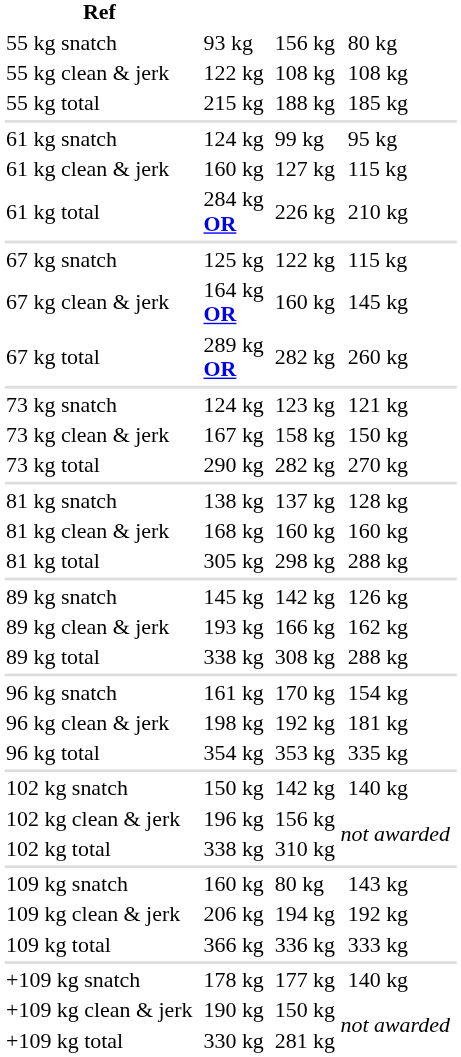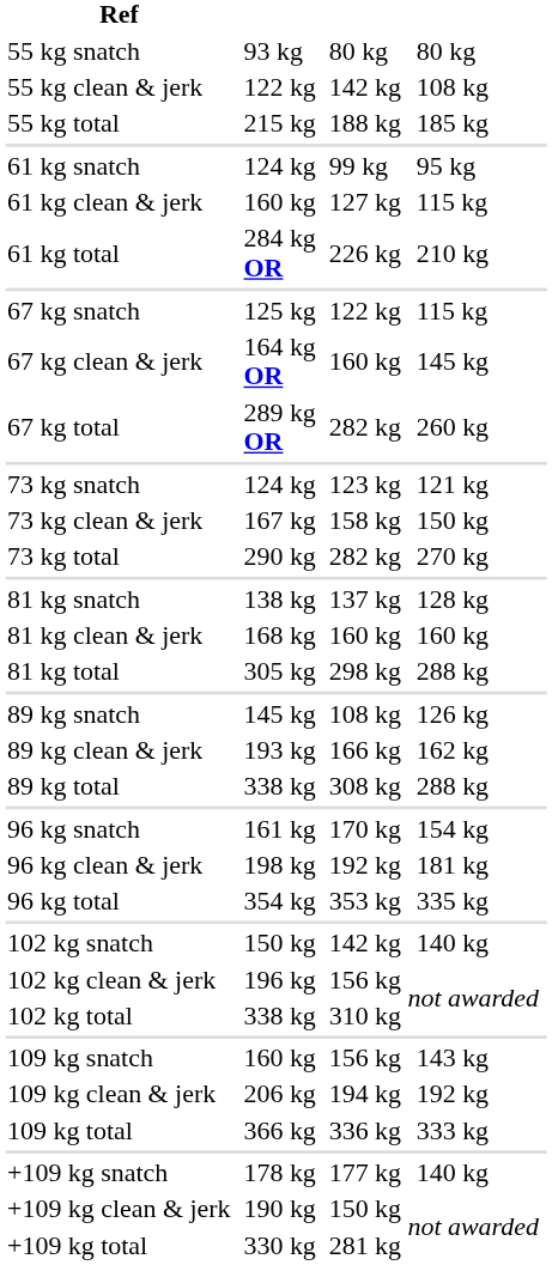 <table>
 <tr>
 <th style="padding:2px;">Ref</th>
 </tr>
 <tr>
 <td>55 kg snatch</td>
 <td></td>
 <td>93 kg</td>
 <td></td>
-<td>156 kg</td>
+<td>80 kg</td>
 <td></td>
 <td>80 kg</td>
 <td rowspan=3 align=center></td>
 </tr>
 <tr>
 <td>55 kg clean & jerk</td>
 <td></td>
 <td>122 kg</td>
 <td></td>
-<td>108 kg</td>
+<td>142 kg</td>
 <td></td>
 <td>108 kg</td>
 </tr>
 <tr>
 <td>55 kg total</td>
 <td></td>
 <td>215 kg</td>
 <td></td>
 <td>188 kg</td>
 <td></td>
 <td>185 kg</td>
 </tr>
 <tr bgcolor=#ddd>
 <td colspan=8></td>
 </tr>
 <tr>
 <td>61 kg snatch</td>
 <td></td>
 <td>124 kg</td>
 <td></td>
 <td>99 kg</td>
 <td></td>
 <td>95 kg</td>
 <td rowspan=3 align=center></td>
 </tr>
 <tr>
 <td>61 kg clean & jerk</td>
 <td></td>
 <td>160 kg</td>
 <td></td>
 <td>127 kg</td>
 <td></td>
 <td>115 kg</td>
 </tr>
 <tr>
 <td>61 kg total</td>
 <td></td>
 <td>284 kg<br><strong><a href='#'>OR</a></strong></td>
 <td></td>
 <td>226 kg</td>
 <td></td>
 <td>210 kg</td>
 </tr>
 <tr bgcolor=#ddd>
 <td colspan=8></td>
 </tr>
 <tr>
 <td>67 kg snatch</td>
 <td></td>
 <td>125 kg</td>
 <td></td>
 <td>122 kg</td>
 <td></td>
 <td>115 kg</td>
 <td rowspan=3 align=center></td>
 </tr>
 <tr>
 <td>67 kg clean & jerk</td>
 <td></td>
 <td>164 kg<br><strong><a href='#'>OR</a></strong></td>
 <td></td>
 <td>160 kg</td>
 <td></td>
 <td>145 kg</td>
 </tr>
 <tr>
 <td>67 kg total</td>
 <td></td>
 <td>289 kg<br><strong><a href='#'>OR</a></strong></td>
 <td></td>
 <td>282 kg</td>
 <td></td>
 <td>260 kg</td>
 </tr>
 <tr bgcolor=#ddd>
 <td colspan=8></td>
 </tr>
 <tr>
 <td>73 kg snatch</td>
 <td></td>
 <td>124 kg</td>
 <td></td>
 <td>123 kg</td>
 <td></td>
 <td>121 kg</td>
 <td rowspan=3 align=center></td>
 </tr>
 <tr>
 <td>73 kg clean & jerk</td>
 <td></td>
 <td>167 kg</td>
 <td></td>
 <td>158 kg</td>
 <td></td>
 <td>150 kg</td>
 </tr>
 <tr>
 <td>73 kg total</td>
 <td></td>
 <td>290 kg</td>
 <td></td>
 <td>282 kg</td>
 <td></td>
 <td>270 kg</td>
 </tr>
 <tr bgcolor=#ddd>
 <td colspan=8></td>
 </tr>
 <tr>
 <td>81 kg snatch</td>
 <td></td>
 <td>138 kg</td>
 <td></td>
 <td>137 kg</td>
 <td></td>
 <td>128 kg</td>
 <td rowspan=3 align=center></td>
 </tr>
 <tr>
 <td>81 kg clean & jerk</td>
 <td></td>
 <td>168 kg</td>
 <td></td>
 <td>160 kg</td>
 <td></td>
 <td>160 kg</td>
 </tr>
 <tr>
 <td>81 kg total</td>
 <td></td>
 <td>305 kg</td>
 <td></td>
 <td>298 kg</td>
 <td></td>
 <td>288 kg</td>
 </tr>
 <tr bgcolor=#ddd>
 <td colspan=8></td>
 </tr>
 <tr>
 <td>89 kg snatch</td>
 <td></td>
 <td>145 kg</td>
 <td></td>
-<td>142 kg</td>
+<td>108 kg</td>
 <td></td>
 <td>126 kg</td>
 <td rowspan=3 align=center></td>
 </tr>
 <tr>
 <td>89 kg clean & jerk</td>
 <td></td>
 <td>193 kg</td>
 <td></td>
 <td>166 kg</td>
 <td></td>
 <td>162 kg</td>
 </tr>
 <tr>
 <td>89 kg total</td>
 <td></td>
 <td>338 kg</td>
 <td></td>
 <td>308 kg</td>
 <td></td>
 <td>288 kg</td>
 </tr>
 <tr bgcolor=#ddd>
 <td colspan=8></td>
 </tr>
 <tr>
 <td>96 kg snatch</td>
 <td></td>
 <td>161 kg</td>
 <td></td>
 <td>170 kg</td>
 <td></td>
 <td>154 kg</td>
 <td rowspan=3 align=center></td>
 </tr>
 <tr>
 <td>96 kg clean & jerk</td>
 <td></td>
 <td>198 kg</td>
 <td></td>
 <td>192 kg</td>
 <td></td>
 <td>181 kg</td>
 </tr>
 <tr>
 <td>96 kg total</td>
 <td></td>
 <td>354 kg</td>
 <td></td>
 <td>353 kg</td>
 <td></td>
 <td>335 kg</td>
 </tr>
 <tr bgcolor=#ddd>
 <td colspan=8></td>
 </tr>
 <tr>
 <td>102 kg snatch</td>
 <td></td>
 <td>150 kg</td>
 <td></td>
 <td>142 kg</td>
 <td></td>
 <td>140 kg</td>
 <td rowspan=3 align=center></td>
 </tr>
 <tr>
 <td>102 kg clean & jerk</td>
 <td></td>
 <td>196 kg</td>
 <td></td>
 <td>156 kg</td>
 <td rowspan=2 colspan=2 align=center><em>not awarded</em></td>
 </tr>
 <tr>
 <td>102 kg total</td>
 <td></td>
 <td>338 kg</td>
 <td></td>
 <td>310 kg</td>
 </tr>
 <tr bgcolor=#ddd>
 <td colspan=8></td>
 </tr>
 <tr>
 <td>109 kg snatch</td>
 <td></td>
 <td>160 kg</td>
 <td></td>
-<td>80 kg</td>
+<td>156 kg</td>
 <td></td>
 <td>143 kg</td>
 <td rowspan=3 align=center></td>
 </tr>
 <tr>
 <td>109 kg clean & jerk</td>
 <td></td>
 <td>206 kg</td>
 <td></td>
 <td>194 kg</td>
 <td></td>
 <td>192 kg</td>
 </tr>
 <tr>
 <td>109 kg total</td>
 <td></td>
 <td>366 kg</td>
 <td></td>
 <td>336 kg</td>
 <td></td>
 <td>333 kg</td>
 </tr>
 <tr bgcolor=#ddd>
 <td colspan=8></td>
 </tr>
 <tr>
 <td>+109 kg snatch</td>
 <td></td>
 <td>178 kg</td>
 <td></td>
 <td>177 kg</td>
 <td></td>
 <td>140 kg</td>
 <td rowspan=3 align=center></td>
 </tr>
 <tr>
 <td>+109 kg clean & jerk</td>
 <td></td>
 <td>190 kg</td>
 <td></td>
 <td>150 kg</td>
 <td rowspan=2 colspan=2 align=center><em>not awarded</em></td>
 </tr>
 <tr>
 <td>+109 kg total</td>
 <td></td>
 <td>330 kg</td>
 <td></td>
 <td>281 kg</td>
 </tr>
 </table>
